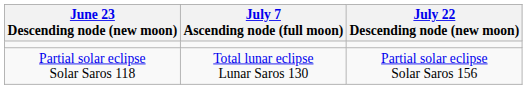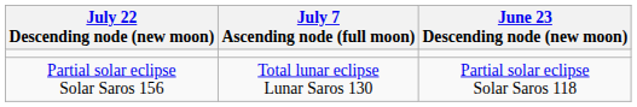 <table class="wikitable">
 <tr>
+<th><a href='#'>July 22</a><br>Descending node (new moon)<br></th>
+<th><a href='#'>July 7</a><br>Ascending node (full moon)<br></th>
 <th><a href='#'>June 23</a><br>Descending node (new moon)<br></th>
-<th><a href='#'>July 7</a><br>Ascending node (full moon)<br></th>
-<th><a href='#'>July 22</a><br>Descending node (new moon)<br></th>
 </tr>
 <tr>
 <td></td>
 <td></td>
 <td></td>
 </tr>
 <tr align=center>
+<td><a href='#'>Partial solar eclipse</a><br>Solar Saros 156</td>
+<td><a href='#'>Total lunar eclipse</a><br>Lunar Saros 130</td>
 <td><a href='#'>Partial solar eclipse</a><br>Solar Saros 118</td>
-<td><a href='#'>Total lunar eclipse</a><br>Lunar Saros 130</td>
-<td><a href='#'>Partial solar eclipse</a><br>Solar Saros 156</td>
 </tr>
 </table>
